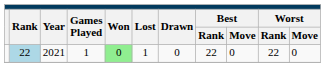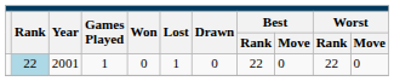 <table class="wikitable sortable" style="text-align:center;">
 <tr>
 <th colspan=12 style="background: #013A5E; color: #FFFFFF;"><a href='#'></a></th>
 </tr>
 <tr>
 <th rowspan=2></th>
 <th rowspan=2>Rank</th>
 <th rowspan=2>Year</th>
 <th rowspan=2>Games<br>Played</th>
 <th rowspan=2>Won</th>
 <th rowspan=2>Lost</th>
 <th rowspan=2>Drawn</th>
 <th colspan=2>Best</th>
 <th colspan=2>Worst</th>
 </tr>
 <tr>
 <th>Rank</th>
 <th>Move</th>
 <th>Rank</th>
 <th>Move</th>
 </tr>
 <tr>
 <td></td>
 <td style="background: lightblue;">22</td>
-<td>2021</td>
+<td>2001</td>
 <td>1</td>
-<td style="background: lightgreen;">0</td>
+<td>0</td>
 <td>1</td>
 <td>0</td>
 <td>22</td>
 <td align=left> 0</td>
 <td>22</td>
 <td align=left> 0</td>
 </tr>
 <tr>
 </tr>
 </table>
